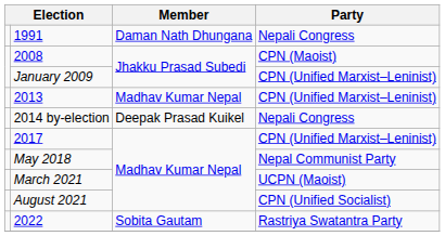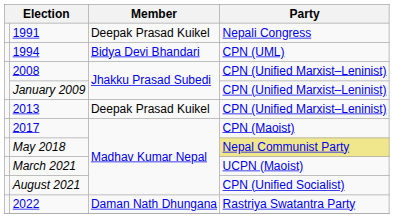 <table class="wikitable">
 <tr>
 <th colspan="2">Election</th>
 <th>Member</th>
 <th>Party</th>
 </tr>
 <tr>
 <td style="color:inherit;background:"></td>
 <td><a href='#'>1991</a></td>
-<td><a href='#'>Daman Nath Dhungana</a></td>
+<td>Deepak Prasad Kuikel</td>
 <td><a href='#'>Nepali Congress</a></td>
+</tr>
+<tr>
+<td style="color:inherit;background:"></td>
+<td><a href='#'>1994</a></td>
+<td><a href='#'>Bidya Devi Bhandari</a></td>
+<td><a href='#'>CPN (UML)</a></td>
 </tr>
 <tr>
 <td rowspan="2" style="color:inherit;background:"></td>
 <td><a href='#'>2008</a></td>
 <td rowspan="2"><a href='#'>Jhakku Prasad Subedi</a></td>
-<td><a href='#'>CPN (Maoist)</a></td>
+<td><a href='#'>CPN (Unified Marxist–Leninist)</a></td>
 </tr>
 <tr>
 <td><em>January 2009</em></td>
 <td><a href='#'>CPN (Unified Marxist–Leninist)</a></td>
 </tr>
 <tr>
 <td style="color:inherit;background:"></td>
 <td><a href='#'>2013</a></td>
-<td><a href='#'>Madhav Kumar Nepal</a></td>
+<td>Deepak Prasad Kuikel</td>
 <td><a href='#'>CPN (Unified Marxist–Leninist)</a></td>
-</tr>
-<tr>
-<td style="color:inherit;background:"></td>
-<td>2014 by-election</td>
-<td>Deepak Prasad Kuikel</td>
-<td><a href='#'>Nepali Congress</a></td>
 </tr>
 <tr>
 <td style="color:inherit;background:"></td>
 <td><a href='#'>2017</a></td>
 <td rowspan="4"><a href='#'>Madhav Kumar Nepal</a></td>
-<td><a href='#'>CPN (Unified Marxist–Leninist)</a></td>
+<td><a href='#'>CPN (Maoist)</a></td>
 </tr>
 <tr>
 <td style="color:inherit;background:"></td>
 <td><em>May 2018</em></td>
-<td><a href='#'>Nepal Communist Party</a></td>
+<td style="background: khaki;"><a href='#'>Nepal Communist Party</a></td>
 </tr>
 <tr>
 <td style="color:inherit;background:"></td>
 <td><em>March 2021</em></td>
 <td><a href='#'>UCPN (Maoist)</a></td>
 </tr>
 <tr>
 <td style="color:inherit;background:"></td>
 <td><em>August 2021</em></td>
 <td><a href='#'>CPN (Unified Socialist)</a></td>
 </tr>
 <tr>
 <td style="color:inherit;background:"></td>
 <td><a href='#'>2022</a></td>
-<td><a href='#'>Sobita Gautam</a></td>
+<td><a href='#'>Daman Nath Dhungana</a></td>
 <td><a href='#'>Rastriya Swatantra Party</a></td>
 </tr>
 <tr>
 </tr>
 </table>
